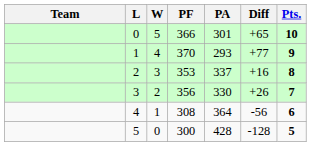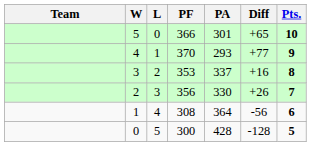 <table class=wikitable>
 <tr align=center>
 <th width=150px>Team</th>
+<th width=20px>W</th>
 <th width=20px>L</th>
-<th width=20px>W</th>
 <th width=40px>PF</th>
 <th width=40px>PA</th>
 <th width=40px>Diff</th>
 <th width=30px><a href='#'>Pts.</a></th>
 </tr>
 <tr align=center bgcolor="#ccffcc">
 <td align=left></td>
+<td>5</td>
 <td>0</td>
-<td>5</td>
 <td>366</td>
 <td>301</td>
 <td>+65</td>
 <td><strong>10</strong></td>
 </tr>
 <tr align=center bgcolor="#ccffcc">
 <td align=left></td>
+<td>4</td>
 <td>1</td>
-<td>4</td>
 <td>370</td>
 <td>293</td>
 <td>+77</td>
 <td><strong>9</strong></td>
 </tr>
 <tr align=center bgcolor="#ccffcc">
 <td align=left></td>
+<td>3</td>
 <td>2</td>
-<td>3</td>
 <td>353</td>
 <td>337</td>
 <td>+16</td>
 <td><strong>8</strong></td>
 </tr>
 <tr align=center bgcolor="#ccffcc">
 <td align=left></td>
+<td>2</td>
 <td>3</td>
-<td>2</td>
 <td>356</td>
 <td>330</td>
 <td>+26</td>
 <td><strong>7</strong></td>
 </tr>
 <tr align=center>
 <td align=left></td>
+<td>1</td>
 <td>4</td>
-<td>1</td>
 <td>308</td>
 <td>364</td>
 <td>-56</td>
 <td><strong>6</strong></td>
 </tr>
 <tr align=center>
 <td align=left></td>
+<td>0</td>
 <td>5</td>
-<td>0</td>
 <td>300</td>
 <td>428</td>
 <td>-128</td>
 <td><strong>5</strong></td>
 </tr>
 </table>
